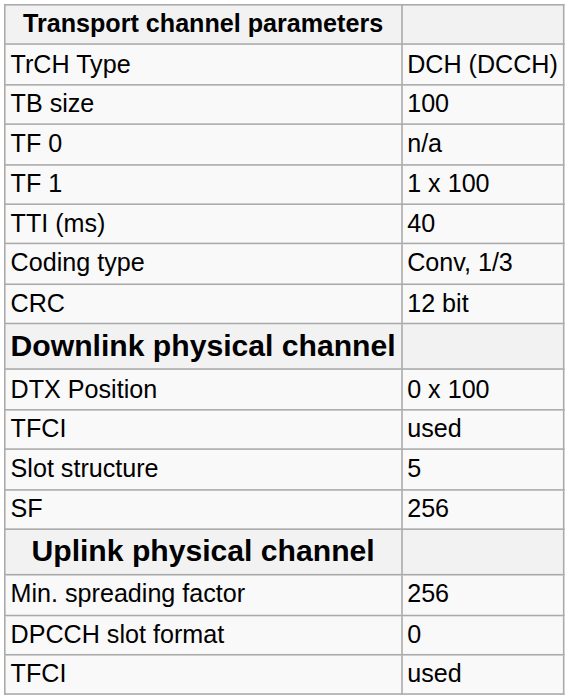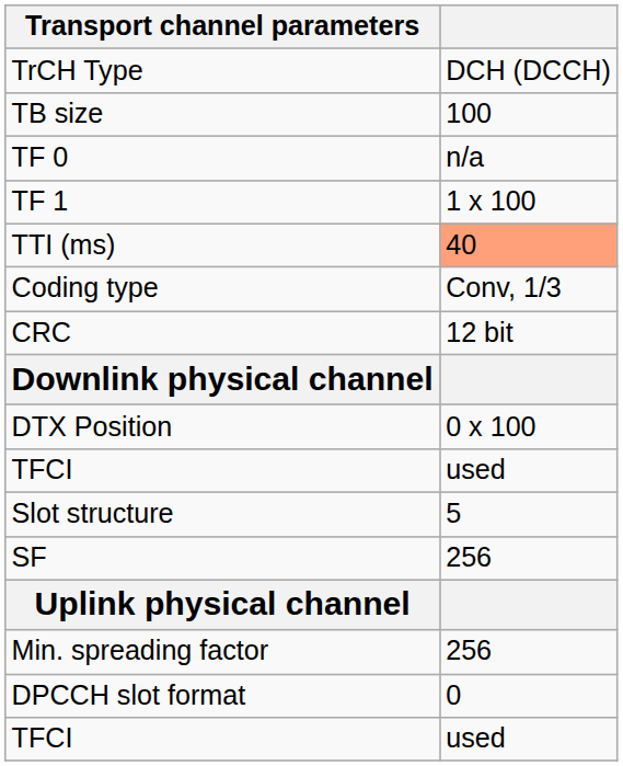 <table class="wikitable">
 <tr>
 <th>Transport channel parameters</th>
 <th></th>
 </tr>
 <tr>
 <td>TrCH Type</td>
 <td>DCH (DCCH)</td>
 </tr>
 <tr>
 <td>TB size</td>
 <td>100</td>
 </tr>
 <tr>
 <td>TF 0</td>
 <td>n/a</td>
 </tr>
 <tr>
 <td>TF 1</td>
 <td>1 x 100</td>
 </tr>
 <tr>
 <td>TTI (ms)</td>
-<td>40</td>
+<td style="background: lightsalmon;">40</td>
 </tr>
 <tr>
 <td>Coding type</td>
 <td>Conv, 1/3</td>
 </tr>
 <tr>
 <td>CRC</td>
 <td>12 bit</td>
 </tr>
 <tr>
 <th><big>Downlink physical channel</big></th>
 <th></th>
 </tr>
 <tr>
 <td>DTX Position</td>
 <td>0 x 100</td>
 </tr>
 <tr>
 <td>TFCI</td>
 <td>used</td>
 </tr>
 <tr>
 <td>Slot structure</td>
 <td>5</td>
 </tr>
 <tr>
 <td>SF</td>
 <td>256</td>
 </tr>
 <tr>
 <th><big>Uplink physical channel</big></th>
 <th></th>
 </tr>
 <tr>
 <td>Min. spreading factor</td>
 <td>256</td>
 </tr>
 <tr>
 <td>DPCCH slot format</td>
 <td>0</td>
 </tr>
 <tr>
 <td>TFCI</td>
 <td>used</td>
 </tr>
 </table>
